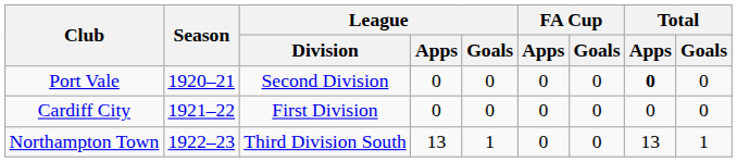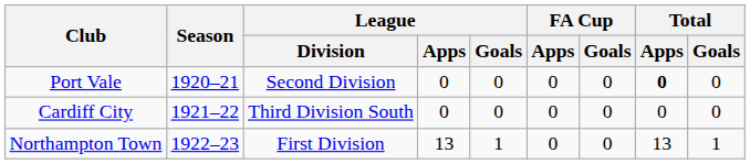 <table class="wikitable" style="text-align: center;">
 <tr>
 <th rowspan="2">Club</th>
 <th rowspan="2">Season</th>
 <th colspan="3">League</th>
 <th colspan="2">FA Cup</th>
 <th colspan="2">Total</th>
 </tr>
 <tr>
 <th>Division</th>
 <th>Apps</th>
 <th>Goals</th>
 <th>Apps</th>
 <th>Goals</th>
 <th>Apps</th>
 <th>Goals</th>
 </tr>
 <tr>
 <td><a href='#'>Port Vale</a></td>
 <td><a href='#'>1920–21</a></td>
 <td><a href='#'>Second Division</a></td>
 <td>0</td>
 <td>0</td>
 <td>0</td>
 <td>0</td>
 <td><strong>0</strong></td>
 <td>0</td>
 </tr>
 <tr>
 <td><a href='#'>Cardiff City</a></td>
 <td><a href='#'>1921–22</a></td>
-<td><a href='#'>First Division</a></td>
+<td><a href='#'>Third Division South</a></td>
 <td>0</td>
 <td>0</td>
 <td>0</td>
 <td>0</td>
 <td>0</td>
 <td>0</td>
 </tr>
 <tr>
 <td><a href='#'>Northampton Town</a></td>
 <td><a href='#'>1922–23</a></td>
-<td><a href='#'>Third Division South</a></td>
+<td><a href='#'>First Division</a></td>
 <td>13</td>
 <td>1</td>
 <td>0</td>
 <td>0</td>
 <td>13</td>
 <td>1</td>
 </tr>
 </table>
